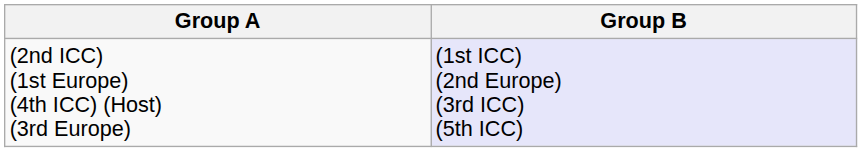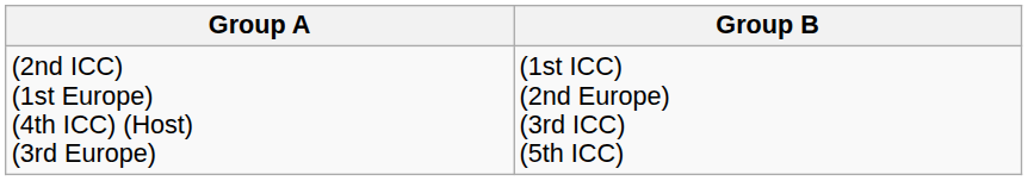 <table class=wikitable width=50%>
 <tr>
 <th width=13%>Group A</th>
 <th width=13%>Group B</th>
 </tr>
 <tr valign=top>
 <td> (2nd ICC)<br> (1st Europe)<br> (4th ICC) (Host)<br> (3rd Europe)</td>
-<td style="background: lavender;"> (1st ICC)<br> (2nd Europe)<br> (3rd ICC)<br> (5th ICC)</td>
+<td> (1st ICC)<br> (2nd Europe)<br> (3rd ICC)<br> (5th ICC)</td>
 </tr>
 </table>
